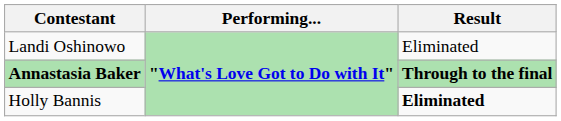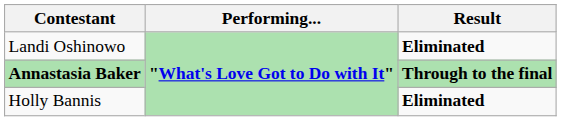 <table class="wikitable">
 <tr>
 <th>Contestant</th>
 <th>Performing...</th>
 <th>Result</th>
 </tr>
 <tr>
 <td>Landi Oshinowo</td>
 <td style="background:#ACE1AF;" rowspan="3"><strong>"<a href='#'>What's Love Got to Do with It</a>"</strong></td>
-<td>Eliminated</td>
+<td><strong>Eliminated</strong></td>
 </tr>
 <tr>
 <td style="background:#ACE1AF;"><strong>Annastasia Baker</strong></td>
 <td style="background:#ACE1AF;"><strong>Through to the final</strong></td>
 </tr>
 <tr>
 <td>Holly Bannis</td>
 <td><strong>Eliminated</strong></td>
 </tr>
 </table>
